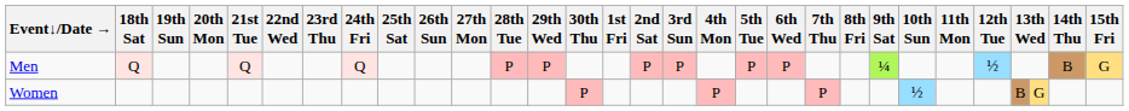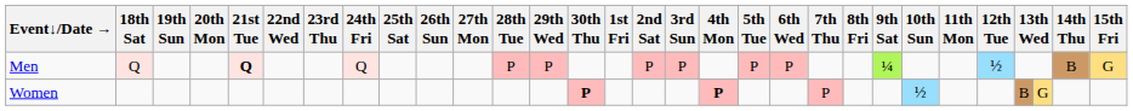 <table class="wikitable" style="margin:0.5em auto; font-size:90%; line-height:1.25em; text-align:center">
 <tr>
 <th>Event↓/Date →</th>
 <th>18th<br>Sat</th>
 <th>19th<br>Sun</th>
 <th>20th<br>Mon</th>
 <th>21st<br>Tue</th>
 <th>22nd<br>Wed</th>
 <th>23rd<br>Thu</th>
 <th>24th<br>Fri</th>
 <th>25th<br>Sat</th>
 <th>26th<br>Sun</th>
 <th>27th<br>Mon</th>
 <th>28th<br>Tue</th>
 <th>29th<br>Wed</th>
 <th>30th<br>Thu</th>
 <th>1st<br>Fri</th>
 <th>2nd<br>Sat</th>
 <th>3rd<br>Sun</th>
 <th>4th<br>Mon</th>
 <th>5th<br>Tue</th>
 <th>6th<br>Wed</th>
 <th>7th<br>Thu</th>
 <th>8th<br>Fri</th>
 <th>9th<br>Sat</th>
 <th>10th<br>Sun</th>
 <th>11th<br>Mon</th>
 <th>12th<br>Tue</th>
 <th colspan=2>13th<br>Wed</th>
 <th>14th<br>Thu</th>
 <th>15th<br>Fri</th>
 </tr>
 <tr>
 <td style="text-align:left;"><a href='#'>Men</a></td>
 <td bgcolor="#FFE4E1">Q</td>
 <td></td>
 <td></td>
-<td bgcolor="#FFE4E1">Q</td>
+<td bgcolor="#FFE4E1"><strong>Q</strong></td>
 <td></td>
 <td></td>
 <td bgcolor="#FFE4E1">Q</td>
 <td></td>
 <td></td>
 <td></td>
 <td bgcolor="#FFBBBB">P</td>
 <td bgcolor="#FFBBBB">P</td>
 <td></td>
 <td></td>
 <td bgcolor="#FFBBBB">P</td>
 <td bgcolor="#FFBBBB">P</td>
 <td></td>
 <td bgcolor="#FFBBBB">P</td>
 <td bgcolor="#FFBBBB">P</td>
 <td></td>
 <td></td>
 <td bgcolor="#AFF55B">¼</td>
 <td></td>
 <td></td>
 <td bgcolor="#97DEFF">½</td>
 <td colspan=2></td>
 <td bgcolor="#CC9966">B</td>
 <td bgcolor="#FFDF80">G</td>
 </tr>
 <tr>
 <td style="text-align:left;"><a href='#'>Women</a></td>
 <td></td>
 <td></td>
 <td></td>
 <td></td>
 <td></td>
 <td></td>
 <td></td>
 <td></td>
 <td></td>
 <td></td>
 <td></td>
 <td></td>
-<td bgcolor="#FFBBBB">P</td>
+<td bgcolor="#FFBBBB"><strong>P</strong></td>
 <td></td>
 <td></td>
 <td></td>
-<td bgcolor="#FFBBBB">P</td>
+<td bgcolor="#FFBBBB"><strong>P</strong></td>
 <td></td>
 <td></td>
 <td bgcolor="#FFBBBB">P</td>
 <td></td>
 <td></td>
 <td bgcolor="#97DEFF">½</td>
 <td></td>
 <td></td>
 <td bgcolor="#CC9966">B</td>
 <td bgcolor="#FFDF80">G</td>
 <td></td>
 <td></td>
 </tr>
 </table>
